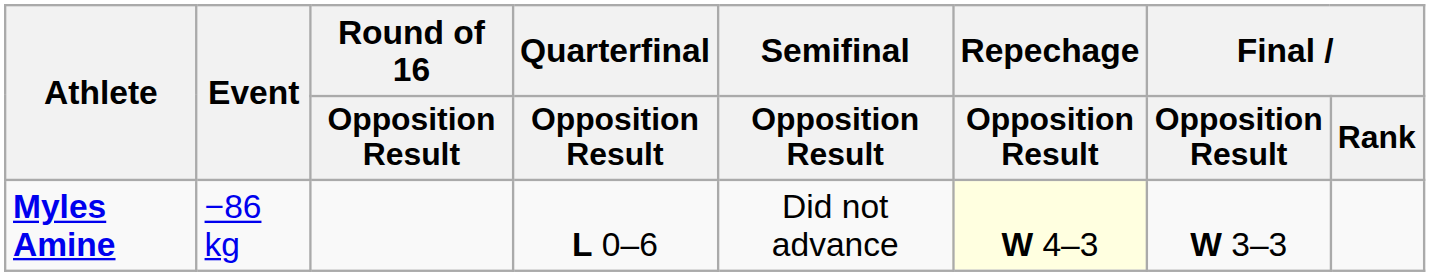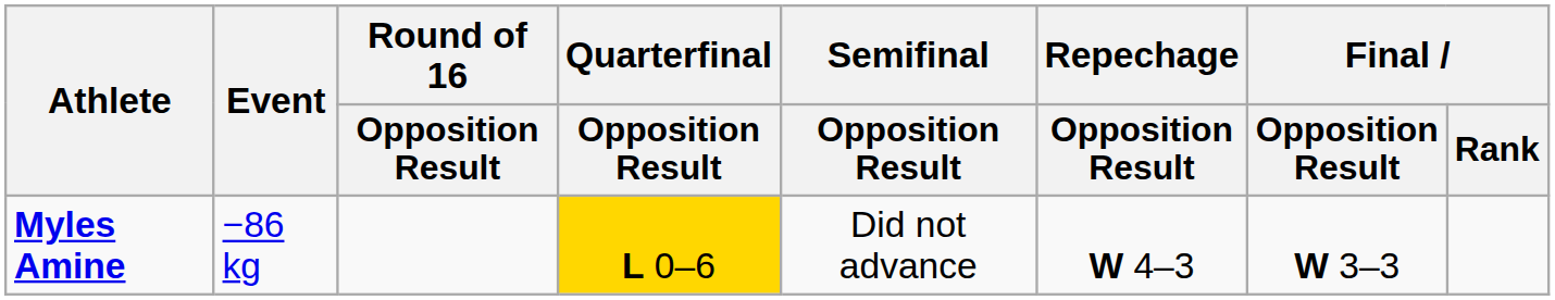 <table class="wikitable" style="font-size:90%">
 <tr>
 <th rowspan=2>Athlete</th>
 <th rowspan=2>Event</th>
 <th>Round of 16</th>
 <th>Quarterfinal</th>
 <th>Semifinal</th>
 <th>Repechage</th>
 <th colspan=2>Final / </th>
 </tr>
 <tr style="font-size: 95%">
 <th>Opposition<br>Result</th>
 <th>Opposition<br>Result</th>
 <th>Opposition<br>Result</th>
 <th>Opposition<br>Result</th>
 <th>Opposition<br>Result</th>
 <th>Rank</th>
 </tr>
 <tr align=center>
 <td align=left><strong><a href='#'>Myles Amine</a></strong></td>
 <td align=left><a href='#'>−86 kg</a></td>
 <td></td>
-<td><br> <strong>L</strong> 0–6</td>
+<td style="background: gold;"><br> <strong>L</strong> 0–6</td>
 <td>Did not advance</td>
-<td style="background: lightyellow;"><br> <strong>W</strong> 4–3</td>
+<td><br> <strong>W</strong> 4–3</td>
 <td><br> <strong>W</strong> 3–3</td>
 <td></td>
 </tr>
 </table>
